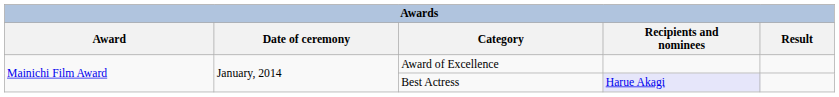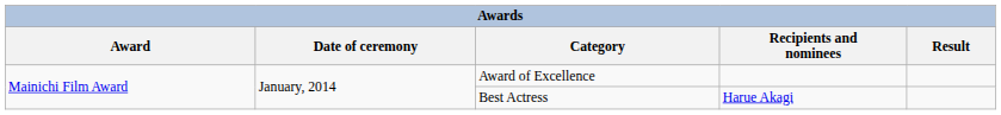 <table class="wikitable sortable" width="90%">
 <tr style="background:#ccc; text-align:center;">
 <th colspan="5" style="background: LightSteelBlue;">Awards</th>
 </tr>
 <tr style="background:#ccc; text-align:center;">
 <th>Award</th>
 <th>Date of ceremony</th>
 <th>Category</th>
 <th>Recipients and <br>nominees</th>
 <th>Result</th>
 </tr>
 <tr>
 <td rowspan="4"><a href='#'>Mainichi Film Award</a></td>
 <td rowspan="4">January, 2014</td>
 <td>Award of Excellence</td>
 <td></td>
 <td></td>
 </tr>
 <tr>
 <td>Best Actress</td>
-<td style="background: lavender;"><a href='#'>Harue Akagi</a></td>
+<td><a href='#'>Harue Akagi</a></td>
 <td></td>
 </tr>
 </table>
